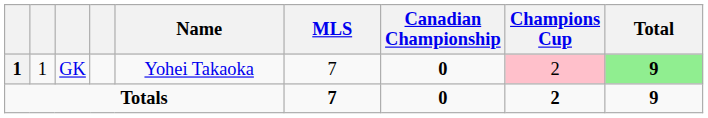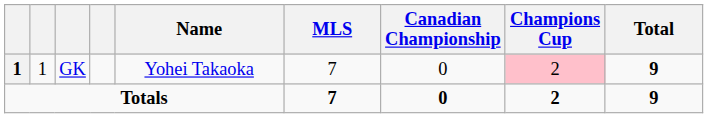 <table class="wikitable" style="text-align:center">
 <tr>
 <th width=15></th>
 <th width=15></th>
 <th width=15></th>
 <th width=15></th>
 <th width=145>Name</th>
 <th width=80><a href='#'>MLS</a></th>
 <th width=80><a href='#'>Canadian Championship</a></th>
 <th width=80><a href='#'>Champions Cup</a></th>
 <th width=80>Total</th>
 </tr>
 <tr>
 <th>1</th>
 <td>1</td>
 <td><a href='#'>GK</a></td>
 <td></td>
 <td><a href='#'>Yohei Takaoka</a></td>
 <td>7</td>
-<td><strong>0</strong></td>
+<td>0</td>
 <td style="background: pink;">2</td>
-<td style="background: lightgreen;"><strong>9</strong></td>
+<td><strong>9</strong></td>
 </tr>
 <tr>
 <td colspan="5"><strong>Totals</strong></td>
 <td><strong>7</strong></td>
 <td><strong>0</strong></td>
 <td><strong>2</strong></td>
 <td><strong>9</strong></td>
 </tr>
 </table>
